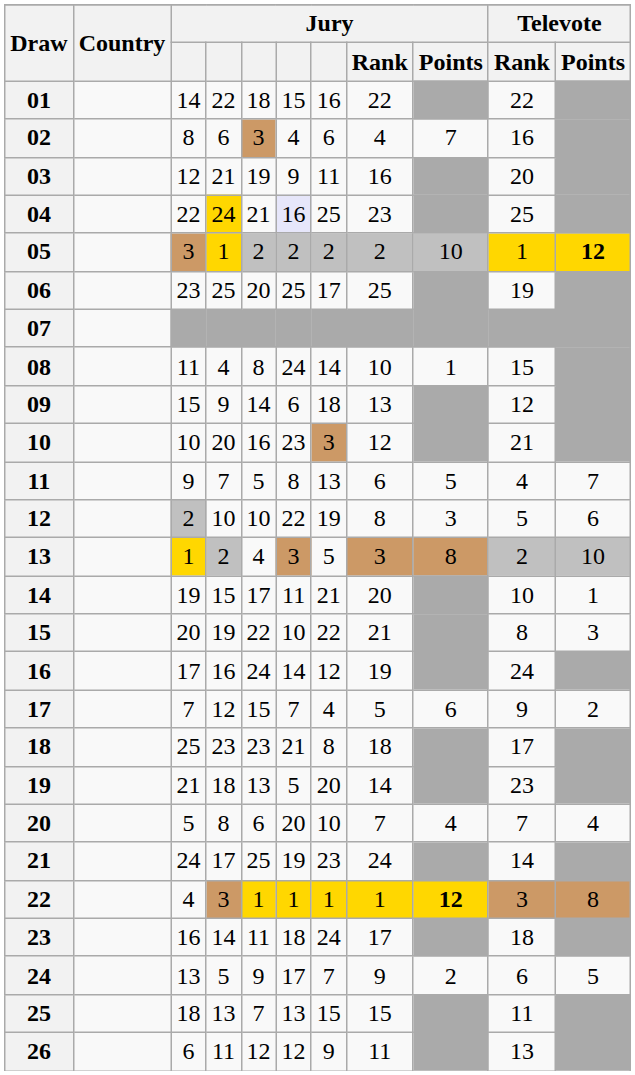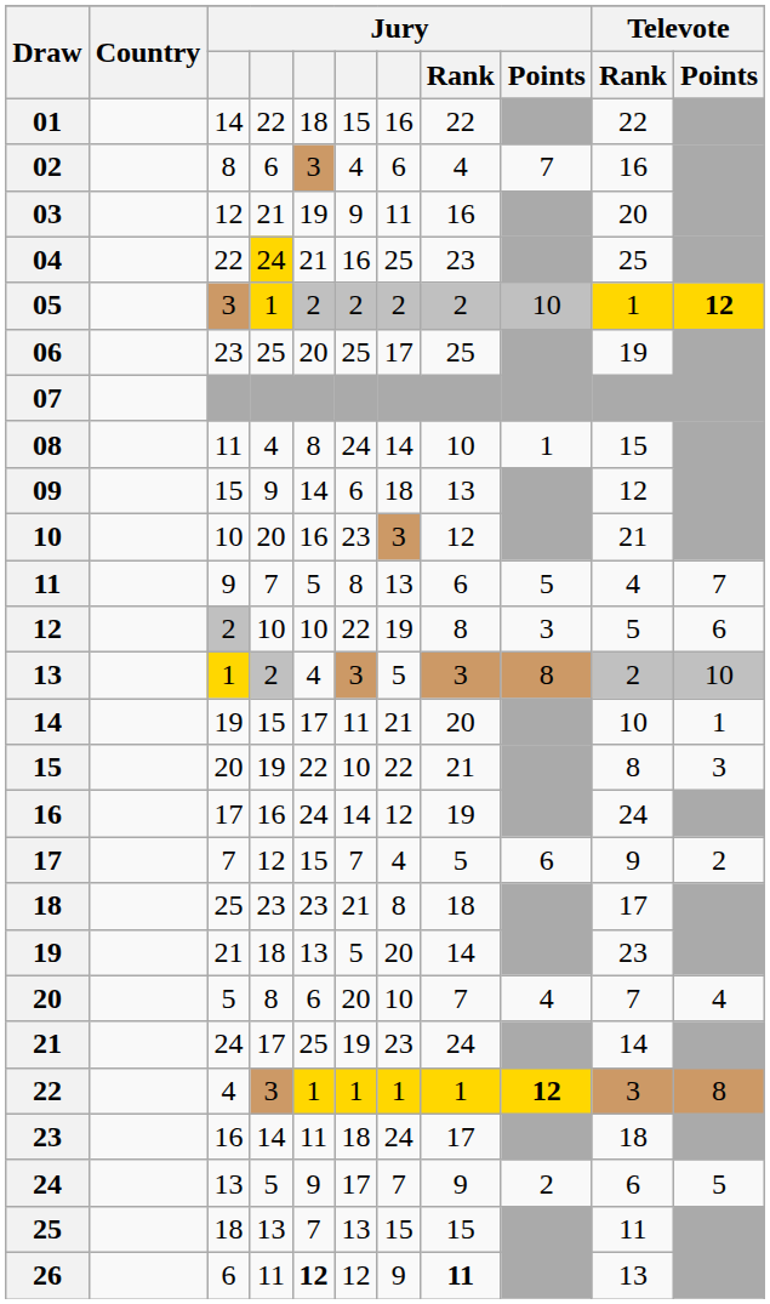 <table class="sortable wikitable collapsible plainrowheaders" style="text-align:center;">
 <tr>
 </tr>
 <tr>
 <th scope="col" rowspan="2">Draw</th>
 <th scope="col" rowspan="2">Country</th>
 <th scope="col" colspan="7">Jury</th>
 <th scope="col" colspan="2">Televote</th>
 </tr>
 <tr>
 <th scope="col"><small></small></th>
 <th scope="col"><small></small></th>
 <th scope="col"><small></small></th>
 <th scope="col"><small></small></th>
 <th scope="col"><small></small></th>
 <th scope="col">Rank</th>
 <th scope="col">Points</th>
 <th scope="col">Rank</th>
 <th scope="col">Points</th>
 </tr>
 <tr>
 <th scope="row" style="text-align:center;">01</th>
 <td style="text-align:left;"></td>
 <td>14</td>
 <td>22</td>
 <td>18</td>
 <td>15</td>
 <td>16</td>
 <td>22</td>
 <td style="background:#AAAAAA;"></td>
 <td>22</td>
 <td style="background:#AAAAAA;"></td>
 </tr>
 <tr>
 <th scope="row" style="text-align:center;">02</th>
 <td style="text-align:left;"></td>
 <td>8</td>
 <td>6</td>
 <td style="background:#CC9966;">3</td>
 <td>4</td>
 <td>6</td>
 <td>4</td>
 <td>7</td>
 <td>16</td>
 <td style="background:#AAAAAA;"></td>
 </tr>
 <tr>
 <th scope="row" style="text-align:center;">03</th>
 <td style="text-align:left;"></td>
 <td>12</td>
 <td>21</td>
 <td>19</td>
 <td>9</td>
 <td>11</td>
 <td>16</td>
 <td style="background:#AAAAAA;"></td>
 <td>20</td>
 <td style="background:#AAAAAA;"></td>
 </tr>
 <tr>
 <th scope="row" style="text-align:center;">04</th>
 <td style="text-align:left;"></td>
 <td>22</td>
 <td style="background: gold;">24</td>
 <td>21</td>
-<td style="background: lavender;">16</td>
+<td>16</td>
 <td>25</td>
 <td>23</td>
 <td style="background:#AAAAAA;"></td>
 <td>25</td>
 <td style="background:#AAAAAA;"></td>
 </tr>
 <tr>
 <th scope="row" style="text-align:center;">05</th>
 <td style="text-align:left;"></td>
 <td style="background:#CC9966;">3</td>
 <td style="background:gold;">1</td>
 <td style="background:silver;">2</td>
 <td style="background:silver;">2</td>
 <td style="background:silver;">2</td>
 <td style="background:silver;">2</td>
 <td style="background:silver;">10</td>
 <td style="background:gold;">1</td>
 <td style="background:gold;"><strong>12</strong></td>
 </tr>
 <tr>
 <th scope="row" style="text-align:center;">06</th>
 <td style="text-align:left;"></td>
 <td>23</td>
 <td>25</td>
 <td>20</td>
 <td>25</td>
 <td>17</td>
 <td>25</td>
 <td style="background:#AAAAAA;"></td>
 <td>19</td>
 <td style="background:#AAAAAA;"></td>
 </tr>
 <tr class="sortbottom">
 <th scope="row" style="text-align:center;">07</th>
 <td style="text-align:left;"></td>
 <td style="background:#AAAAAA;"></td>
 <td style="background:#AAAAAA;"></td>
 <td style="background:#AAAAAA;"></td>
 <td style="background:#AAAAAA;"></td>
 <td style="background:#AAAAAA;"></td>
 <td style="background:#AAAAAA;"></td>
 <td style="background:#AAAAAA;"></td>
 <td style="background:#AAAAAA;"></td>
 <td style="background:#AAAAAA;"></td>
 </tr>
 <tr>
 <th scope="row" style="text-align:center;">08</th>
 <td style="text-align:left;"></td>
 <td>11</td>
 <td>4</td>
 <td>8</td>
 <td>24</td>
 <td>14</td>
 <td>10</td>
 <td>1</td>
 <td>15</td>
 <td style="background:#AAAAAA;"></td>
 </tr>
 <tr>
 <th scope="row" style="text-align:center;">09</th>
 <td style="text-align:left;"></td>
 <td>15</td>
 <td>9</td>
 <td>14</td>
 <td>6</td>
 <td>18</td>
 <td>13</td>
 <td style="background:#AAAAAA;"></td>
 <td>12</td>
 <td style="background:#AAAAAA;"></td>
 </tr>
 <tr>
 <th scope="row" style="text-align:center;">10</th>
 <td style="text-align:left;"></td>
 <td>10</td>
 <td>20</td>
 <td>16</td>
 <td>23</td>
 <td style="background:#CC9966;">3</td>
 <td>12</td>
 <td style="background:#AAAAAA;"></td>
 <td>21</td>
 <td style="background:#AAAAAA;"></td>
 </tr>
 <tr>
 <th scope="row" style="text-align:center;">11</th>
 <td style="text-align:left;"></td>
 <td>9</td>
 <td>7</td>
 <td>5</td>
 <td>8</td>
 <td>13</td>
 <td>6</td>
 <td>5</td>
 <td>4</td>
 <td>7</td>
 </tr>
 <tr>
 <th scope="row" style="text-align:center;">12</th>
 <td style="text-align:left;"></td>
 <td style="background:silver;">2</td>
 <td>10</td>
 <td>10</td>
 <td>22</td>
 <td>19</td>
 <td>8</td>
 <td>3</td>
 <td>5</td>
 <td>6</td>
 </tr>
 <tr>
 <th scope="row" style="text-align:center;">13</th>
 <td style="text-align:left;"></td>
 <td style="background:gold;">1</td>
 <td style="background:silver;">2</td>
 <td>4</td>
 <td style="background:#CC9966;">3</td>
 <td>5</td>
 <td style="background:#CC9966;">3</td>
 <td style="background:#CC9966;">8</td>
 <td style="background:silver;">2</td>
 <td style="background:silver;">10</td>
 </tr>
 <tr>
 <th scope="row" style="text-align:center;">14</th>
 <td style="text-align:left;"></td>
 <td>19</td>
 <td>15</td>
 <td>17</td>
 <td>11</td>
 <td>21</td>
 <td>20</td>
 <td style="background:#AAAAAA;"></td>
 <td>10</td>
 <td>1</td>
 </tr>
 <tr>
 <th scope="row" style="text-align:center;">15</th>
 <td style="text-align:left;"></td>
 <td>20</td>
 <td>19</td>
 <td>22</td>
 <td>10</td>
 <td>22</td>
 <td>21</td>
 <td style="background:#AAAAAA;"></td>
 <td>8</td>
 <td>3</td>
 </tr>
 <tr>
 <th scope="row" style="text-align:center;">16</th>
 <td style="text-align:left;"></td>
 <td>17</td>
 <td>16</td>
 <td>24</td>
 <td>14</td>
 <td>12</td>
 <td>19</td>
 <td style="background:#AAAAAA;"></td>
 <td>24</td>
 <td style="background:#AAAAAA;"></td>
 </tr>
 <tr>
 <th scope="row" style="text-align:center;">17</th>
 <td style="text-align:left;"></td>
 <td>7</td>
 <td>12</td>
 <td>15</td>
 <td>7</td>
 <td>4</td>
 <td>5</td>
 <td>6</td>
 <td>9</td>
 <td>2</td>
 </tr>
 <tr>
 <th scope="row" style="text-align:center;">18</th>
 <td style="text-align:left;"></td>
 <td>25</td>
 <td>23</td>
 <td>23</td>
 <td>21</td>
 <td>8</td>
 <td>18</td>
 <td style="background:#AAAAAA;"></td>
 <td>17</td>
 <td style="background:#AAAAAA;"></td>
 </tr>
 <tr>
 <th scope="row" style="text-align:center;">19</th>
 <td style="text-align:left;"></td>
 <td>21</td>
 <td>18</td>
 <td>13</td>
 <td>5</td>
 <td>20</td>
 <td>14</td>
 <td style="background:#AAAAAA;"></td>
 <td>23</td>
 <td style="background:#AAAAAA;"></td>
 </tr>
 <tr>
 <th scope="row" style="text-align:center;">20</th>
 <td style="text-align:left;"></td>
 <td>5</td>
 <td>8</td>
 <td>6</td>
 <td>20</td>
 <td>10</td>
 <td>7</td>
 <td>4</td>
 <td>7</td>
 <td>4</td>
 </tr>
 <tr>
 <th scope="row" style="text-align:center;">21</th>
 <td style="text-align:left;"></td>
 <td>24</td>
 <td>17</td>
 <td>25</td>
 <td>19</td>
 <td>23</td>
 <td>24</td>
 <td style="background:#AAAAAA;"></td>
 <td>14</td>
 <td style="background:#AAAAAA;"></td>
 </tr>
 <tr>
 <th scope="row" style="text-align:center;">22</th>
 <td style="text-align:left;"></td>
 <td>4</td>
 <td style="background:#CC9966;">3</td>
 <td style="background:gold;">1</td>
 <td style="background:gold;">1</td>
 <td style="background:gold;">1</td>
 <td style="background:gold;">1</td>
 <td style="background:gold;"><strong>12</strong></td>
 <td style="background:#CC9966;">3</td>
 <td style="background:#CC9966;">8</td>
 </tr>
 <tr>
 <th scope="row" style="text-align:center;">23</th>
 <td style="text-align:left;"></td>
 <td>16</td>
 <td>14</td>
 <td>11</td>
 <td>18</td>
 <td>24</td>
 <td>17</td>
 <td style="background:#AAAAAA;"></td>
 <td>18</td>
 <td style="background:#AAAAAA;"></td>
 </tr>
 <tr>
 <th scope="row" style="text-align:center;">24</th>
 <td style="text-align:left;"></td>
 <td>13</td>
 <td>5</td>
 <td>9</td>
 <td>17</td>
 <td>7</td>
 <td>9</td>
 <td>2</td>
 <td>6</td>
 <td>5</td>
 </tr>
 <tr>
 <th scope="row" style="text-align:center;">25</th>
 <td style="text-align:left;"></td>
 <td>18</td>
 <td>13</td>
 <td>7</td>
 <td>13</td>
 <td>15</td>
 <td>15</td>
 <td style="background:#AAAAAA;"></td>
 <td>11</td>
 <td style="background:#AAAAAA;"></td>
 </tr>
 <tr>
 <th scope="row" style="text-align:center;">26</th>
 <td style="text-align:left;"></td>
 <td>6</td>
 <td>11</td>
-<td>12</td>
+<td><strong>12</strong></td>
 <td>12</td>
 <td>9</td>
-<td>11</td>
+<td><strong>11</strong></td>
 <td style="background:#AAAAAA;"></td>
 <td>13</td>
 <td style="background:#AAAAAA;"></td>
 </tr>
 </table>
